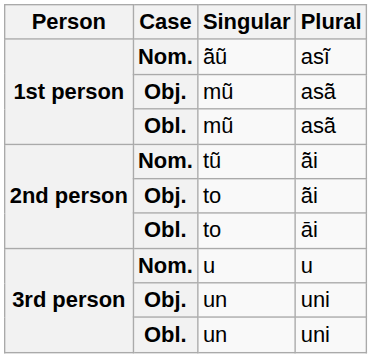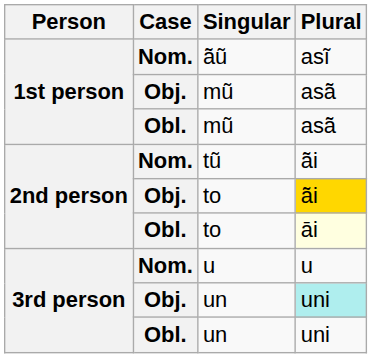 <table class="wikitable">
 <tr>
 <th>Person</th>
 <th>Case</th>
 <th>Singular</th>
 <th>Plural</th>
 </tr>
 <tr>
 <th rowspan="3">1st person</th>
 <th>Nom.</th>
 <td>ā̃ũ</td>
 <td>asĩ</td>
 </tr>
 <tr>
 <th>Obj.</th>
 <td>mũ</td>
 <td>asā̃</td>
 </tr>
 <tr>
 <th>Obl.</th>
 <td>mũ</td>
 <td>asā̃</td>
 </tr>
 <tr>
 <th rowspan="3">2nd person</th>
 <th>Nom.</th>
 <td>tũ</td>
 <td>ā̃i</td>
 </tr>
 <tr>
 <th>Obj.</th>
 <td>to</td>
-<td>ā̃i</td>
+<td style="background: gold;">ā̃i</td>
 </tr>
 <tr>
 <th>Obl.</th>
 <td>to</td>
-<td>āi</td>
+<td style="background: lightyellow;">āi</td>
 </tr>
 <tr>
 <th rowspan="3">3rd person</th>
 <th>Nom.</th>
 <td>u</td>
 <td>u</td>
 </tr>
 <tr>
 <th>Obj.</th>
 <td>un</td>
-<td>uni</td>
+<td style="background: paleturquoise;">uni</td>
 </tr>
 <tr>
 <th>Obl.</th>
 <td>un</td>
 <td>uni</td>
 </tr>
 </table>
